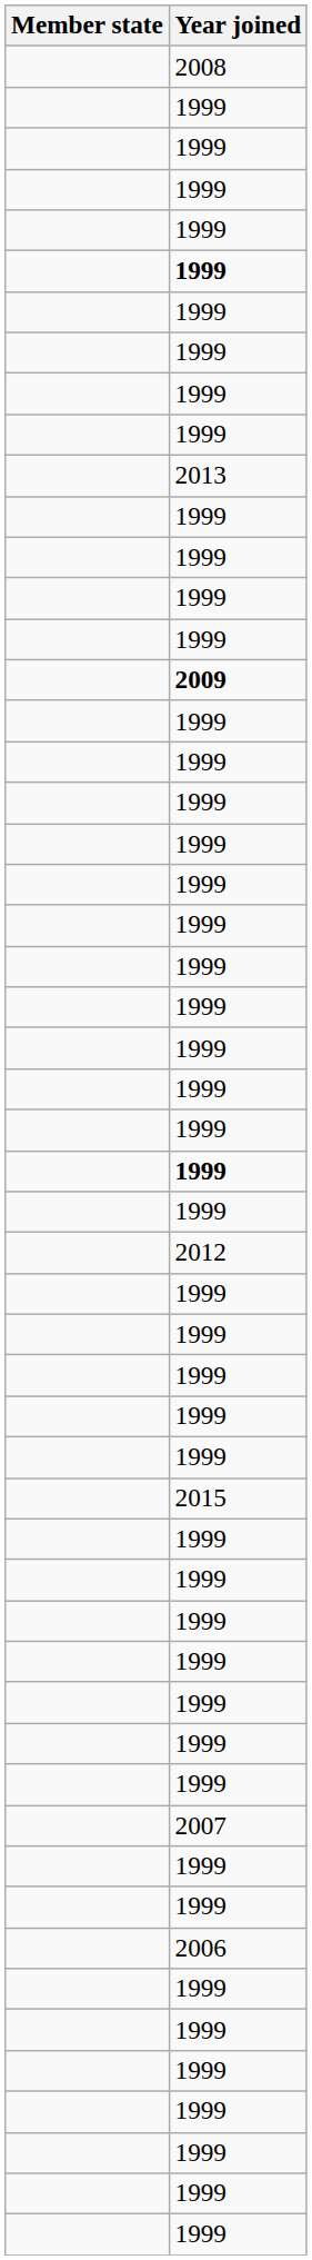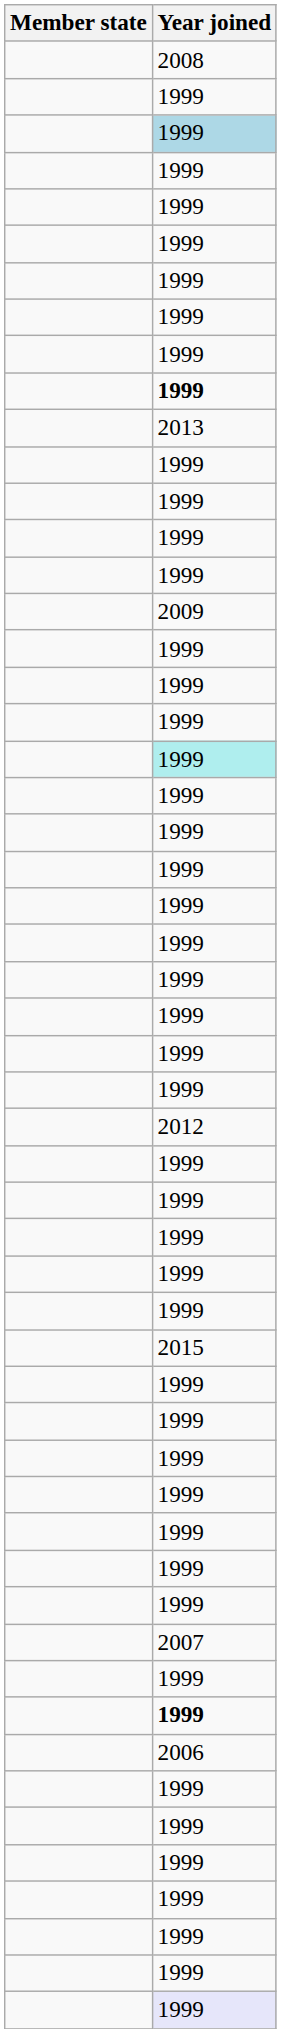 <table class="wikitable sortable">
 <tr>
 <th>Member state</th>
 <th>Year joined</th>
 </tr>
 <tr>
 <td></td>
 <td>2008</td>
+</tr>
+<tr>
+<td></td>
+<td>1999</td>
+</tr>
+<tr>
+<td></td>
+<td style="background: lightblue;">1999</td>
+</tr>
+<tr>
+<td></td>
+<td>1999</td>
+</tr>
+<tr>
+<td></td>
+<td>1999</td>
 </tr>
 <tr>
 <td></td>
 <td>1999</td>
 </tr>
 <tr>
 <td></td>
 <td>1999</td>
 </tr>
 <tr>
 <td></td>
 <td>1999</td>
 </tr>
 <tr>
 <td></td>
 <td>1999</td>
 </tr>
 <tr>
 <td></td>
 <td><strong>1999</strong></td>
 </tr>
 <tr>
 <td></td>
-<td>1999</td>
-</tr>
-<tr>
-<td></td>
-<td>1999</td>
-</tr>
-<tr>
-<td></td>
-<td>1999</td>
-</tr>
-<tr>
-<td></td>
-<td>1999</td>
-</tr>
-<tr>
-<td></td>
 <td>2013</td>
 </tr>
 <tr>
 <td></td>
 <td>1999</td>
 </tr>
 <tr>
 <td></td>
 <td>1999</td>
 </tr>
 <tr>
 <td></td>
 <td>1999</td>
 </tr>
 <tr>
 <td></td>
 <td>1999</td>
 </tr>
 <tr>
 <td></td>
-<td><strong>2009</strong></td>
+<td>2009</td>
+</tr>
+<tr>
+<td></td>
+<td>1999</td>
+</tr>
+<tr>
+<td></td>
+<td>1999</td>
+</tr>
+<tr>
+<td></td>
+<td>1999</td>
+</tr>
+<tr>
+<td></td>
+<td style="background: paleturquoise;">1999</td>
 </tr>
 <tr>
 <td></td>
 <td>1999</td>
 </tr>
 <tr>
 <td></td>
 <td>1999</td>
 </tr>
 <tr>
 <td></td>
 <td>1999</td>
 </tr>
 <tr>
 <td></td>
 <td>1999</td>
 </tr>
 <tr>
 <td></td>
 <td>1999</td>
 </tr>
 <tr>
 <td></td>
 <td>1999</td>
 </tr>
 <tr>
 <td></td>
 <td>1999</td>
 </tr>
 <tr>
 <td></td>
 <td>1999</td>
-</tr>
-<tr>
-<td></td>
-<td>1999</td>
-</tr>
-<tr>
-<td></td>
-<td>1999</td>
-</tr>
-<tr>
-<td></td>
-<td>1999</td>
-</tr>
-<tr>
-<td></td>
-<td><strong>1999</strong></td>
 </tr>
 <tr>
 <td></td>
 <td>1999</td>
 </tr>
 <tr>
 <td></td>
 <td>2012</td>
 </tr>
 <tr>
 <td></td>
 <td>1999</td>
 </tr>
 <tr>
 <td></td>
 <td>1999</td>
 </tr>
 <tr>
 <td></td>
 <td>1999</td>
 </tr>
 <tr>
 <td></td>
 <td>1999</td>
 </tr>
 <tr>
 <td></td>
 <td>1999</td>
 </tr>
 <tr>
 <td></td>
 <td>2015</td>
 </tr>
 <tr>
 <td></td>
 <td>1999</td>
 </tr>
 <tr>
 <td></td>
 <td>1999</td>
 </tr>
 <tr>
 <td></td>
 <td>1999</td>
 </tr>
 <tr>
 <td></td>
 <td>1999</td>
 </tr>
 <tr>
 <td></td>
 <td>1999</td>
 </tr>
 <tr>
 <td></td>
 <td>1999</td>
 </tr>
 <tr>
 <td></td>
 <td>1999</td>
 </tr>
 <tr>
 <td></td>
 <td>2007</td>
 </tr>
 <tr>
 <td></td>
 <td>1999</td>
 </tr>
 <tr>
 <td></td>
-<td>1999</td>
+<td><strong>1999</strong></td>
 </tr>
 <tr>
 <td></td>
 <td>2006</td>
 </tr>
 <tr>
 <td></td>
 <td>1999</td>
 </tr>
 <tr>
 <td></td>
 <td>1999</td>
 </tr>
 <tr>
 <td></td>
 <td>1999</td>
 </tr>
 <tr>
 <td></td>
 <td>1999</td>
 </tr>
 <tr>
 <td></td>
 <td>1999</td>
 </tr>
 <tr>
 <td></td>
 <td>1999</td>
 </tr>
 <tr>
 <td></td>
-<td>1999</td>
+<td style="background: lavender;">1999</td>
 </tr>
 </table>
